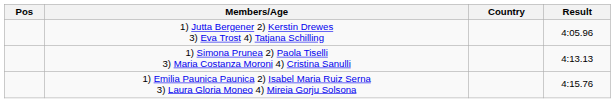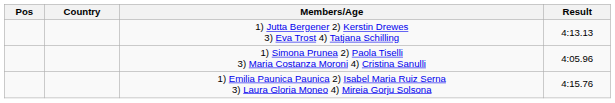 <table class="wikitable"  style="text-align:center; width:80%;">
 <tr>
 <th>Pos</th>
+<th>Country</th>
 <th>Members/Age</th>
-<th>Country</th>
 <th>Result</th>
 </tr>
 <tr>
 <td align=center></td>
+<td align=left></td>
 <td>1) <a href='#'>Jutta Bergener</a> 2) <a href='#'>Kerstin Drewes</a><br>3) <a href='#'>Eva Trost</a> 4) <a href='#'>Tatjana Schilling</a></td>
+<td>4:13.13</td>
+</tr>
+<tr>
+<td align=center></td>
 <td align=left></td>
+<td>1) <a href='#'>Simona Prunea</a> 2) <a href='#'>Paola Tiselli</a><br>3) <a href='#'>Maria Costanza Moroni</a> 4) <a href='#'>Cristina Sanulli</a></td>
 <td>4:05.96</td>
 </tr>
 <tr>
 <td align=center></td>
-<td>1) <a href='#'>Simona Prunea</a> 2) <a href='#'>Paola Tiselli</a><br>3) <a href='#'>Maria Costanza Moroni</a> 4) <a href='#'>Cristina Sanulli</a></td>
 <td align=left></td>
-<td>4:13.13</td>
-</tr>
-<tr>
-<td align=center></td>
 <td>1) <a href='#'>Emilia Paunica Paunica</a> 2) <a href='#'>Isabel Maria Ruiz Serna</a><br>3) <a href='#'>Laura Gloria Moneo</a> 4) <a href='#'>Mireia Gorju Solsona</a></td>
-<td align=left></td>
 <td>4:15.76</td>
 </tr>
 </table>
